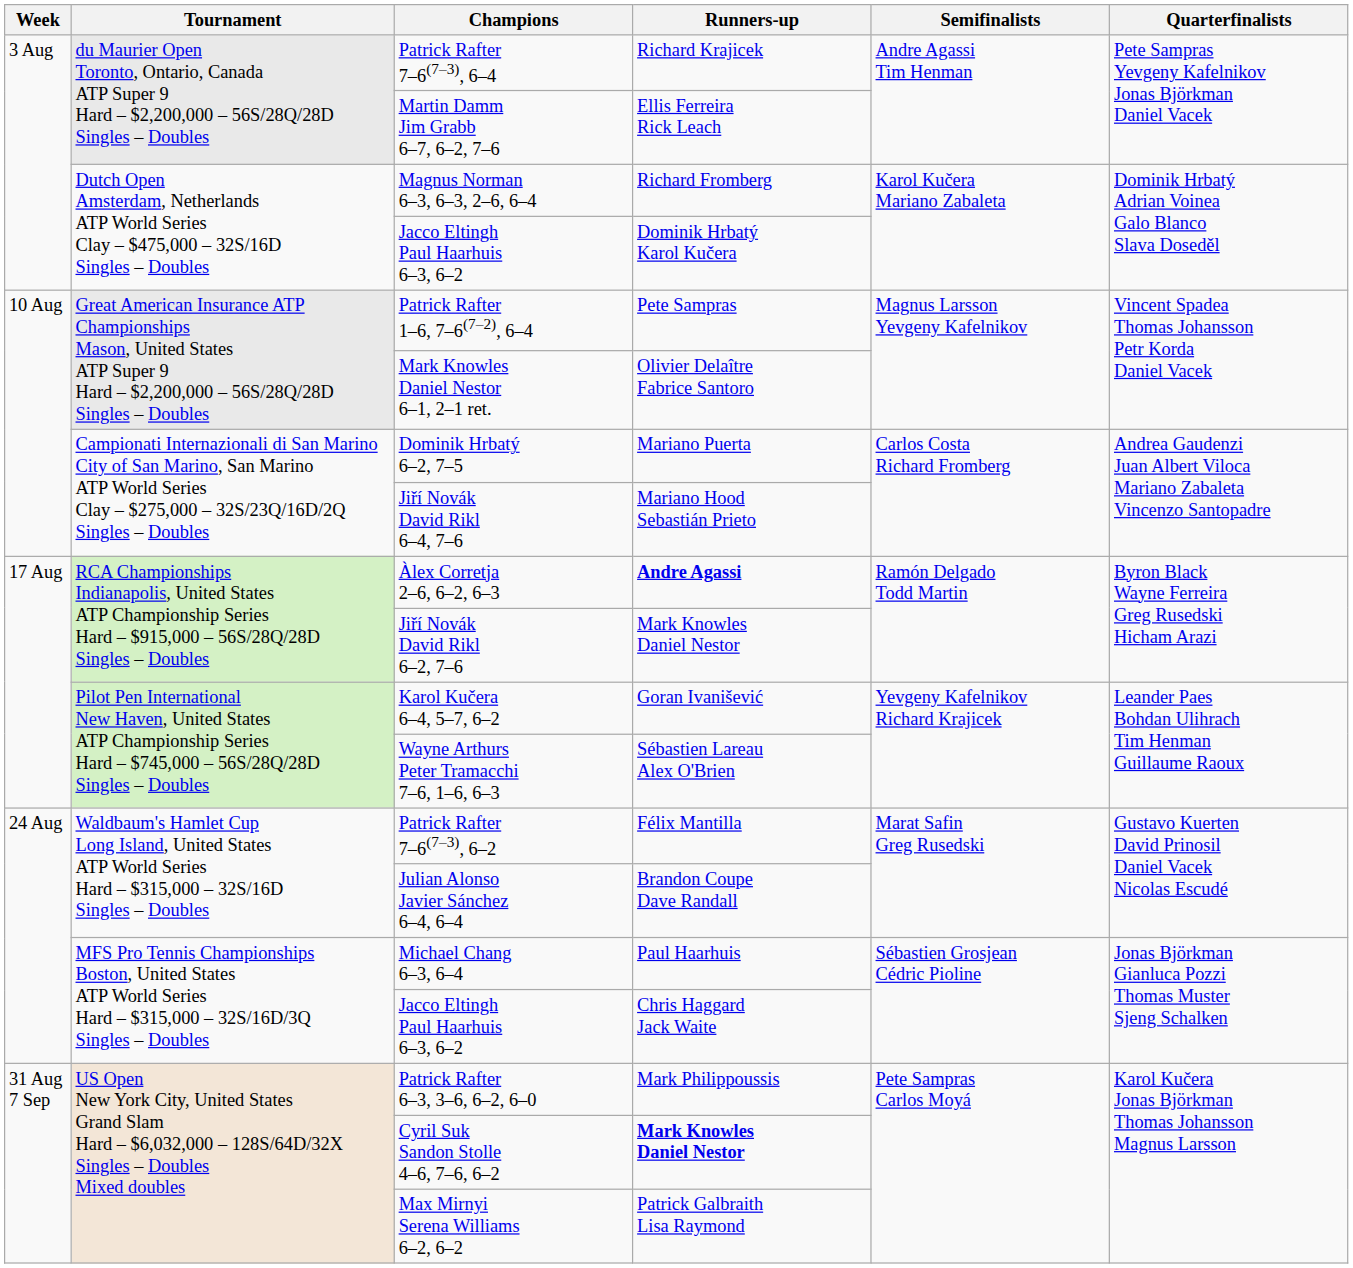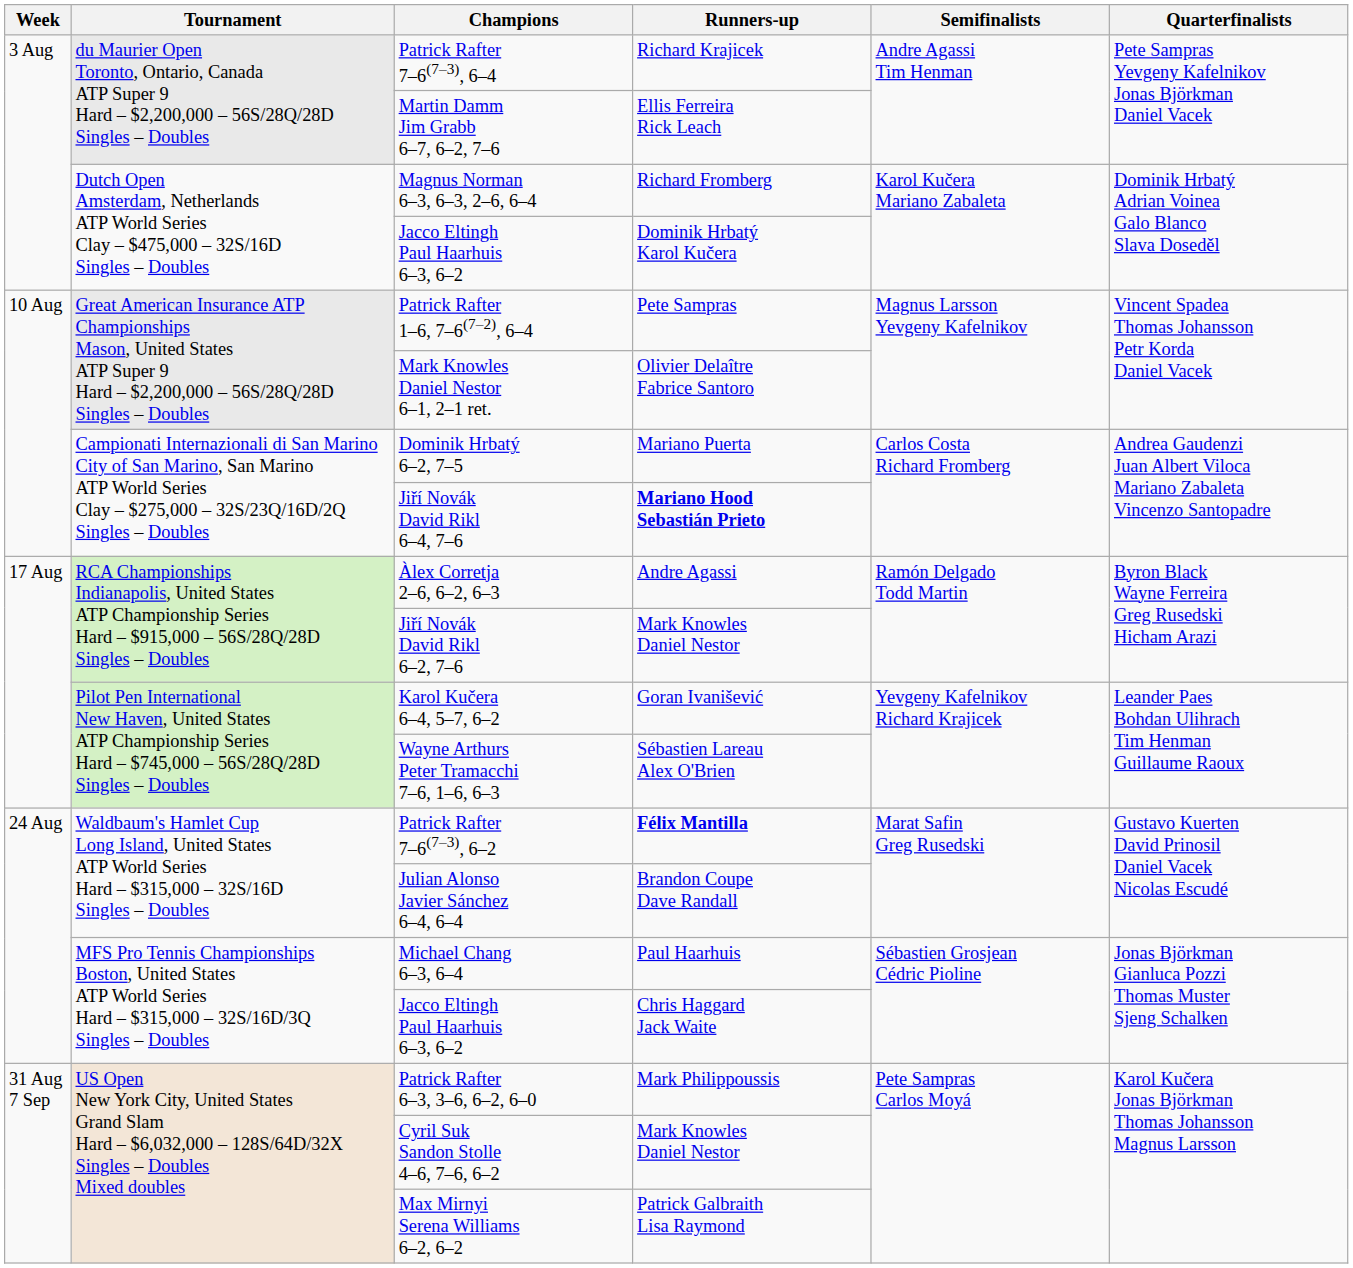 <table class=wikitable style=font-size:95%>
 <tr>
 <th style="width:48px;">Week</th>
 <th style="width:260px;">Tournament</th>
 <th style="width:190px;">Champions</th>
 <th style="width:190px;">Runners-up</th>
 <th style="width:190px;">Semifinalists</th>
 <th style="width:190px;">Quarterfinalists</th>
 </tr>
 <tr valign=top>
 <td rowspan=4>3 Aug</td>
 <td style="background:#e9e9e9;" rowspan="2"><a href='#'>du Maurier Open</a><br><a href='#'>Toronto</a>, Ontario, Canada<br>ATP Super 9<br>Hard – $2,200,000 – 56S/28Q/28D<br><a href='#'>Singles</a> – <a href='#'>Doubles</a></td>
 <td> <a href='#'>Patrick Rafter</a><br>7–6<sup>(7–3)</sup>, 6–4</td>
 <td> <a href='#'>Richard Krajicek</a></td>
 <td rowspan=2> <a href='#'>Andre Agassi</a><br> <a href='#'>Tim Henman</a></td>
 <td rowspan=2> <a href='#'>Pete Sampras</a><br> <a href='#'>Yevgeny Kafelnikov</a><br> <a href='#'>Jonas Björkman</a><br> <a href='#'>Daniel Vacek</a></td>
 </tr>
 <tr valign=top>
 <td> <a href='#'>Martin Damm</a><br> <a href='#'>Jim Grabb</a> <br> 6–7, 6–2, 7–6</td>
 <td> <a href='#'>Ellis Ferreira</a><br> <a href='#'>Rick Leach</a></td>
 </tr>
 <tr valign=top>
 <td rowspan=2><a href='#'>Dutch Open</a><br><a href='#'>Amsterdam</a>, Netherlands<br>ATP World Series<br>Clay – $475,000 – 32S/16D<br><a href='#'>Singles</a> – <a href='#'>Doubles</a></td>
 <td> <a href='#'>Magnus Norman</a><br>6–3, 6–3, 2–6, 6–4</td>
 <td> <a href='#'>Richard Fromberg</a></td>
 <td rowspan=2> <a href='#'>Karol Kučera</a><br>  <a href='#'>Mariano Zabaleta</a></td>
 <td rowspan=2> <a href='#'>Dominik Hrbatý</a><br> <a href='#'>Adrian Voinea</a><br> <a href='#'>Galo Blanco</a><br> <a href='#'>Slava Doseděl</a></td>
 </tr>
 <tr valign=top>
 <td> <a href='#'>Jacco Eltingh</a><br> <a href='#'>Paul Haarhuis</a><br>6–3, 6–2</td>
 <td> <a href='#'>Dominik Hrbatý</a><br> <a href='#'>Karol Kučera</a></td>
 </tr>
 <tr valign=top>
 <td rowspan=4>10 Aug</td>
 <td style="background:#e9e9e9;" rowspan="2"><a href='#'>Great American Insurance ATP Championships</a><br><a href='#'>Mason</a>, United States<br>ATP Super 9<br>Hard – $2,200,000 – 56S/28Q/28D<br><a href='#'>Singles</a> – <a href='#'>Doubles</a></td>
 <td> <a href='#'>Patrick Rafter</a><br>1–6, 7–6<sup>(7–2)</sup>, 6–4</td>
 <td> <a href='#'>Pete Sampras</a></td>
 <td rowspan=2> <a href='#'>Magnus Larsson</a><br> <a href='#'>Yevgeny Kafelnikov</a></td>
 <td rowspan=2> <a href='#'>Vincent Spadea</a><br> <a href='#'>Thomas Johansson</a><br> <a href='#'>Petr Korda</a><br> <a href='#'>Daniel Vacek</a></td>
 </tr>
 <tr valign=top>
 <td> <a href='#'>Mark Knowles</a><br> <a href='#'>Daniel Nestor</a> <br> 6–1, 2–1 ret.</td>
 <td> <a href='#'>Olivier Delaître</a><br> <a href='#'>Fabrice Santoro</a></td>
 </tr>
 <tr valign=top>
 <td rowspan=2><a href='#'>Campionati Internazionali di San Marino</a><br><a href='#'>City of San Marino</a>, San Marino<br>ATP World Series<br>Clay – $275,000 – 32S/23Q/16D/2Q<br><a href='#'>Singles</a> – <a href='#'>Doubles</a></td>
 <td> <a href='#'>Dominik Hrbatý</a><br>6–2, 7–5</td>
 <td> <a href='#'>Mariano Puerta</a></td>
 <td rowspan=2> <a href='#'>Carlos Costa</a><br>  <a href='#'>Richard Fromberg</a></td>
 <td rowspan=2> <a href='#'>Andrea Gaudenzi</a><br> <a href='#'>Juan Albert Viloca</a><br> <a href='#'>Mariano Zabaleta</a><br> <a href='#'>Vincenzo Santopadre</a></td>
 </tr>
 <tr valign=top>
 <td> <a href='#'>Jiří Novák</a><br> <a href='#'>David Rikl</a><br>6–4, 7–6</td>
-<td> <a href='#'>Mariano Hood</a><br> <a href='#'>Sebastián Prieto</a></td>
+<td><strong> <a href='#'>Mariano Hood</a><br> <a href='#'>Sebastián Prieto</a></strong></td>
 </tr>
 <tr valign=top>
 <td rowspan=4>17 Aug</td>
 <td style="background:#d4f1c5;" rowspan="2"><a href='#'>RCA Championships</a><br><a href='#'>Indianapolis</a>, United States <br>ATP Championship Series<br>Hard – $915,000 – 56S/28Q/28D<br><a href='#'>Singles</a> – <a href='#'>Doubles</a></td>
 <td> <a href='#'>Àlex Corretja</a><br> 2–6, 6–2, 6–3</td>
-<td><strong> <a href='#'>Andre Agassi</a></strong></td>
+<td> <a href='#'>Andre Agassi</a></td>
 <td rowspan=2> <a href='#'>Ramón Delgado</a><br>  <a href='#'>Todd Martin</a></td>
 <td rowspan=2> <a href='#'>Byron Black</a><br> <a href='#'>Wayne Ferreira</a><br> <a href='#'>Greg Rusedski</a><br> <a href='#'>Hicham Arazi</a></td>
 </tr>
 <tr valign=top>
 <td> <a href='#'>Jiří Novák</a><br> <a href='#'>David Rikl</a><br>6–2, 7–6</td>
 <td> <a href='#'>Mark Knowles</a><br> <a href='#'>Daniel Nestor</a></td>
 </tr>
 <tr valign=top>
 <td style="background:#d4f1c5;" rowspan="2"><a href='#'>Pilot Pen International</a><br><a href='#'>New Haven</a>, United States <br>ATP Championship Series<br>Hard – $745,000 – 56S/28Q/28D<br><a href='#'>Singles</a> – <a href='#'>Doubles</a></td>
 <td> <a href='#'>Karol Kučera</a><br>6–4, 5–7, 6–2</td>
 <td> <a href='#'>Goran Ivanišević</a></td>
 <td rowspan=2> <a href='#'>Yevgeny Kafelnikov</a><br>  <a href='#'>Richard Krajicek</a></td>
 <td rowspan=2> <a href='#'>Leander Paes</a><br> <a href='#'>Bohdan Ulihrach</a><br> <a href='#'>Tim Henman</a><br> <a href='#'>Guillaume Raoux</a></td>
 </tr>
 <tr valign=top>
 <td> <a href='#'>Wayne Arthurs</a><br> <a href='#'>Peter Tramacchi</a><br>7–6, 1–6, 6–3</td>
 <td> <a href='#'>Sébastien Lareau</a><br> <a href='#'>Alex O'Brien</a></td>
 </tr>
 <tr valign=top>
 <td rowspan=4>24 Aug</td>
 <td rowspan=2><a href='#'>Waldbaum's Hamlet Cup</a><br><a href='#'>Long Island</a>, United States<br>ATP World Series<br>Hard – $315,000 – 32S/16D<br><a href='#'>Singles</a> – <a href='#'>Doubles</a></td>
 <td> <a href='#'>Patrick Rafter</a><br>7–6<sup>(7–3)</sup>, 6–2</td>
-<td> <a href='#'>Félix Mantilla</a></td>
+<td><strong> <a href='#'>Félix Mantilla</a></strong></td>
 <td rowspan=2> <a href='#'>Marat Safin</a><br>  <a href='#'>Greg Rusedski</a></td>
 <td rowspan=2> <a href='#'>Gustavo Kuerten</a><br> <a href='#'>David Prinosil</a><br> <a href='#'>Daniel Vacek</a><br> <a href='#'>Nicolas Escudé</a></td>
 </tr>
 <tr valign=top>
 <td> <a href='#'>Julian Alonso</a><br> <a href='#'>Javier Sánchez</a><br>6–4, 6–4</td>
 <td> <a href='#'>Brandon Coupe</a><br> <a href='#'>Dave Randall</a></td>
 </tr>
 <tr valign=top>
 <td rowspan=2><a href='#'>MFS Pro Tennis Championships</a><br><a href='#'>Boston</a>, United States<br>ATP World Series<br>Hard – $315,000 – 32S/16D/3Q<br><a href='#'>Singles</a> – <a href='#'>Doubles</a></td>
 <td> <a href='#'>Michael Chang</a><br>6–3, 6–4</td>
 <td> <a href='#'>Paul Haarhuis</a></td>
 <td rowspan=2> <a href='#'>Sébastien Grosjean</a><br>  <a href='#'>Cédric Pioline</a></td>
 <td rowspan=2> <a href='#'>Jonas Björkman</a><br> <a href='#'>Gianluca Pozzi</a><br> <a href='#'>Thomas Muster</a><br> <a href='#'>Sjeng Schalken</a></td>
 </tr>
 <tr valign=top>
 <td> <a href='#'>Jacco Eltingh</a><br> <a href='#'>Paul Haarhuis</a><br>6–3, 6–2</td>
 <td> <a href='#'>Chris Haggard</a><br> <a href='#'>Jack Waite</a></td>
 </tr>
 <tr valign=top>
 <td rowspan=3>31 Aug<br>7 Sep</td>
 <td style="background:#f3e6d7;" rowspan="3"><a href='#'>US Open</a><br> New York City, United States<br>Grand Slam<br>Hard – $6,032,000 – 128S/64D/32X<br><a href='#'>Singles</a> – <a href='#'>Doubles</a> <br> <a href='#'>Mixed doubles</a></td>
 <td> <a href='#'>Patrick Rafter</a><br>6–3, 3–6, 6–2, 6–0</td>
 <td> <a href='#'>Mark Philippoussis</a></td>
 <td rowspan=3> <a href='#'>Pete Sampras</a><br> <a href='#'>Carlos Moyá</a></td>
 <td rowspan=3> <a href='#'>Karol Kučera</a> <br> <a href='#'>Jonas Björkman</a><br> <a href='#'>Thomas Johansson</a><br> <a href='#'>Magnus Larsson</a></td>
 </tr>
 <tr valign=top>
 <td> <a href='#'>Cyril Suk</a><br> <a href='#'>Sandon Stolle</a><br>4–6, 7–6, 6–2</td>
-<td><strong> <a href='#'>Mark Knowles</a><br> <a href='#'>Daniel Nestor</a></strong></td>
+<td> <a href='#'>Mark Knowles</a><br> <a href='#'>Daniel Nestor</a></td>
 </tr>
 <tr valign=top>
 <td> <a href='#'>Max Mirnyi</a><br> <a href='#'>Serena Williams</a><br>6–2, 6–2</td>
 <td> <a href='#'>Patrick Galbraith</a><br> <a href='#'>Lisa Raymond</a></td>
 </tr>
 </table>
